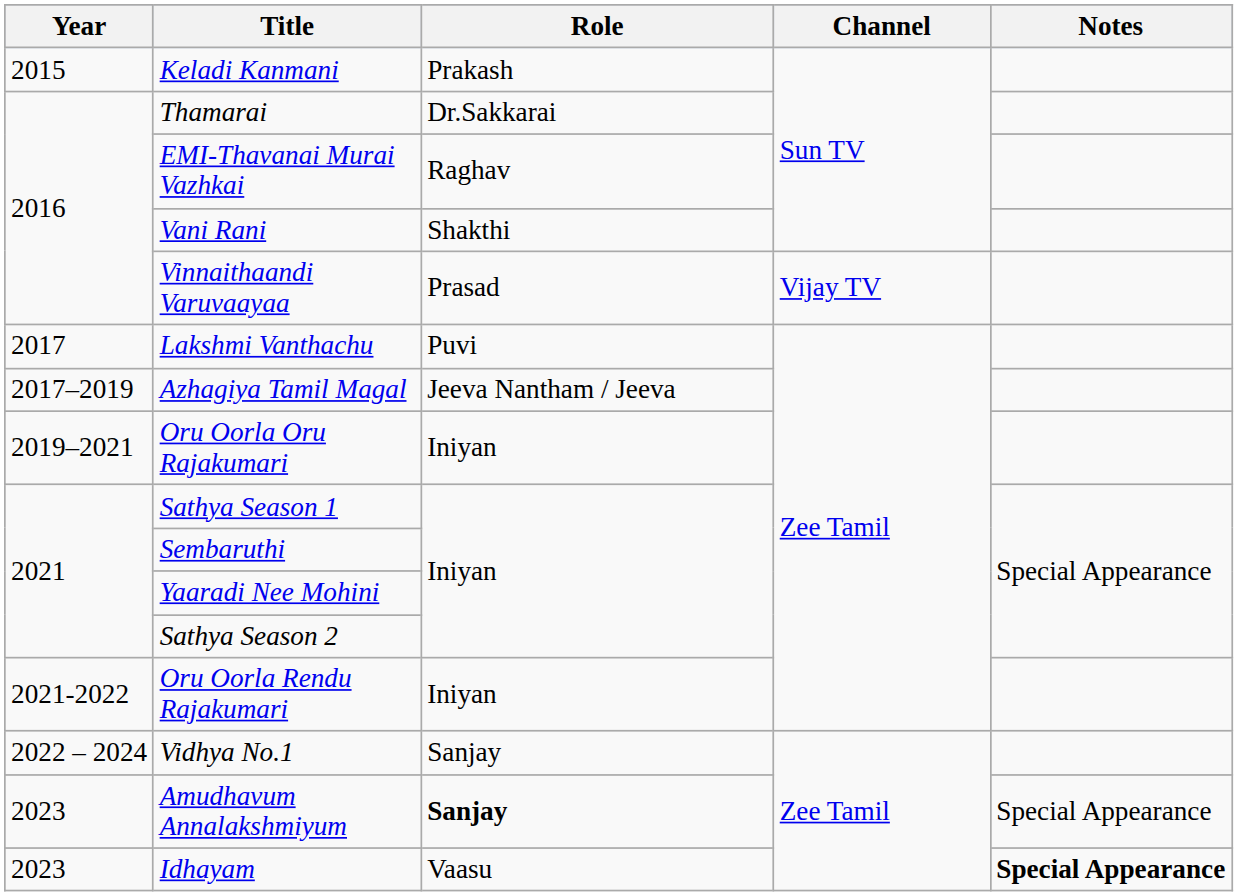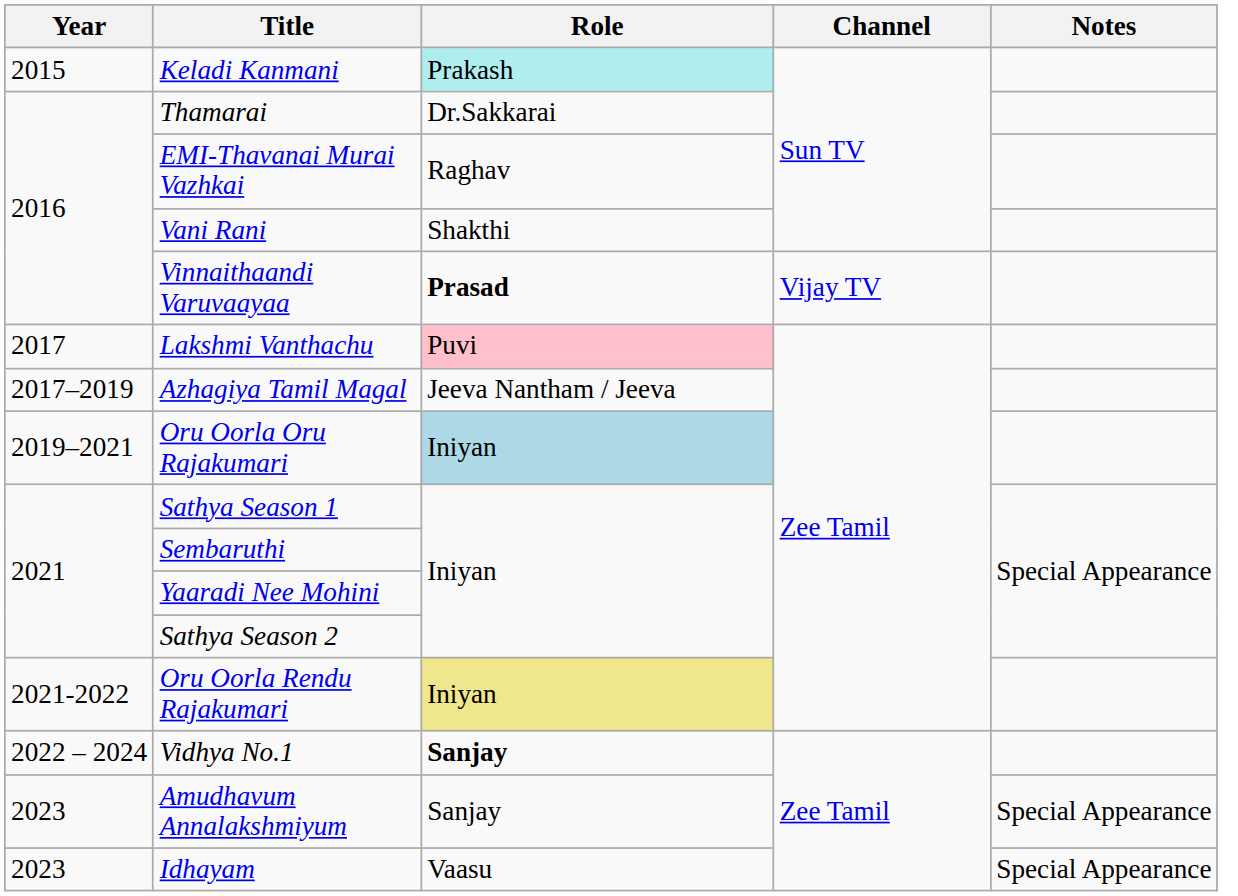 <table class="wikitable sortable" border="1">
 <tr style="background:#B0C4DE;">
 <th style="width:80px;">Year</th>
 <th style="width:150px;">Title</th>
 <th style="width:200px;">Role</th>
 <th style="width:120px;">Channel</th>
 <th>Notes</th>
 </tr>
 <tr>
 <td rowspan=1>2015</td>
 <td><a href='#'><em>Keladi Kanmani</em></a></td>
-<td>Prakash</td>
+<td style="background: paleturquoise;">Prakash</td>
 <td rowspan=4><a href='#'>Sun TV</a></td>
 <td></td>
 </tr>
 <tr>
 <td rowspan=4>2016</td>
 <td><em>Thamarai</em></td>
 <td>Dr.Sakkarai</td>
 <td></td>
 </tr>
 <tr>
 <td><a href='#'><em>EMI-Thavanai Murai Vazhkai</em></a></td>
 <td>Raghav</td>
 <td></td>
 </tr>
 <tr>
 <td><a href='#'><em>Vani Rani</em></a></td>
 <td>Shakthi</td>
 <td></td>
 </tr>
 <tr>
 <td><a href='#'><em>Vinnaithaandi Varuvaayaa</em></a></td>
-<td>Prasad</td>
+<td><strong>Prasad</strong></td>
 <td><a href='#'>Vijay TV</a></td>
 <td></td>
 </tr>
 <tr>
 <td>2017</td>
 <td><a href='#'><em>Lakshmi Vanthachu</em></a></td>
-<td>Puvi</td>
+<td style="background: pink;">Puvi</td>
 <td rowspan="8"><a href='#'>Zee Tamil</a></td>
 <td></td>
 </tr>
 <tr>
 <td>2017–2019</td>
 <td><em><a href='#'>Azhagiya Tamil Magal</a></em></td>
 <td>Jeeva Nantham / Jeeva</td>
 <td></td>
 </tr>
 <tr>
 <td>2019–2021</td>
 <td><em><a href='#'>Oru Oorla Oru Rajakumari</a></em></td>
-<td>Iniyan</td>
+<td style="background: lightblue;">Iniyan</td>
 <td></td>
 </tr>
 <tr>
 <td rowspan="4">2021</td>
 <td><a href='#'><em>Sathya Season 1</em></a></td>
 <td rowspan="4">Iniyan</td>
 <td rowspan="4">Special Appearance</td>
 </tr>
 <tr>
 <td><em><a href='#'>Sembaruthi</a></em></td>
 </tr>
 <tr>
 <td><em><a href='#'>Yaaradi Nee Mohini</a></em></td>
 </tr>
 <tr>
 <td><em>Sathya</em> <em>Season 2</em></td>
 </tr>
 <tr>
 <td>2021-2022</td>
 <td><em><a href='#'>Oru Oorla Rendu Rajakumari</a></em></td>
-<td>Iniyan</td>
+<td style="background: khaki;">Iniyan</td>
 <td></td>
 </tr>
 <tr>
 <td>2022 – 2024</td>
 <td><em>Vidhya No.1</em></td>
-<td>Sanjay</td>
+<td><strong>Sanjay</strong></td>
 <td rowspan="3"><a href='#'>Zee Tamil</a></td>
 <td></td>
 </tr>
 <tr>
 <td>2023</td>
 <td><em><a href='#'>Amudhavum Annalakshmiyum</a></em></td>
-<td><strong>Sanjay</strong></td>
+<td>Sanjay</td>
 <td>Special Appearance</td>
 </tr>
 <tr>
 <td>2023</td>
 <td><em><a href='#'>Idhayam</a></em></td>
 <td>Vaasu</td>
-<td><strong>Special Appearance</strong></td>
+<td>Special Appearance</td>
 </tr>
 </table>
